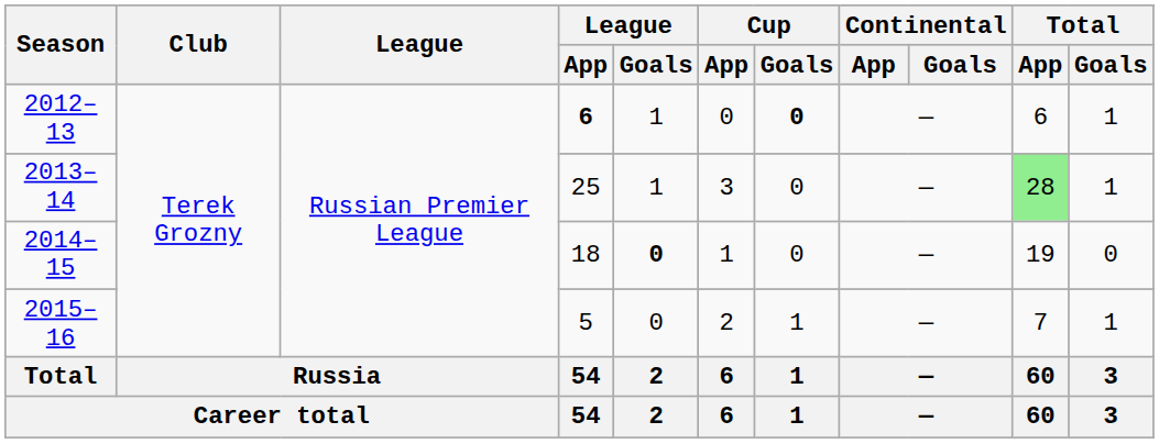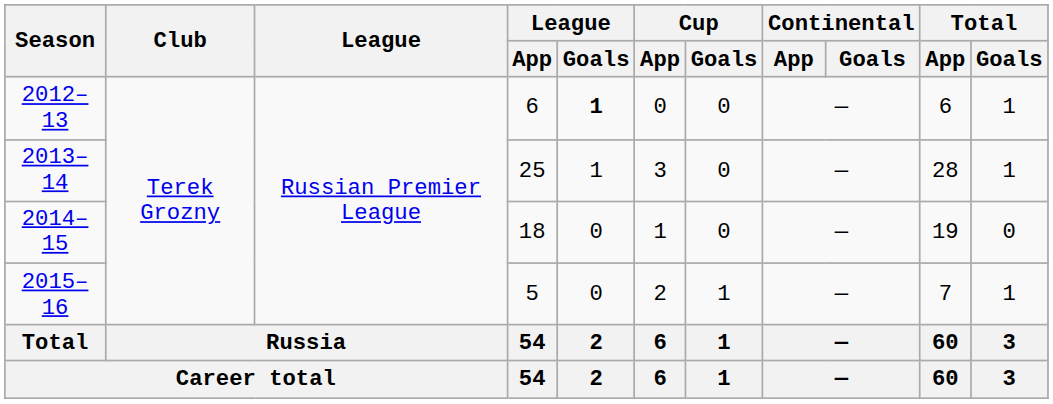 <table class="wikitable">
 <tr>
 <th rowspan=2>Season</th>
 <th ! rowspan=2>Club</th>
 <th ! rowspan=2>League</th>
 <th ! colspan=2>League</th>
 <th ! colspan=2>Cup</th>
 <th ! colspan=2>Continental</th>
 <th colspan=3>Total</th>
 </tr>
 <tr>
 <th>App</th>
 <th>Goals</th>
 <th>App</th>
 <th>Goals</th>
 <th>App</th>
 <th>Goals</th>
 <th>App</th>
 <th>Goals</th>
 </tr>
 <tr align=center>
 <td><a href='#'>2012–13</a></td>
 <td rowspan="4"><a href='#'>Terek Grozny</a></td>
 <td rowspan="4"><a href='#'>Russian Premier League</a></td>
-<td><strong>6</strong></td>
-<td>1</td>
+<td>6</td>
+<td><strong>1</strong></td>
 <td>0</td>
-<td><strong>0</strong></td>
+<td>0</td>
 <td colspan="2">—</td>
 <td>6</td>
 <td>1</td>
 </tr>
 <tr align=center>
 <td><a href='#'>2013–14</a></td>
 <td>25</td>
 <td>1</td>
 <td>3</td>
 <td>0</td>
 <td colspan="2">—</td>
-<td style="background: lightgreen;">28</td>
+<td>28</td>
 <td>1</td>
 </tr>
 <tr align=center>
 <td><a href='#'>2014–15</a></td>
 <td>18</td>
-<td><strong>0</strong></td>
+<td>0</td>
 <td>1</td>
 <td>0</td>
 <td colspan="2">—</td>
 <td>19</td>
 <td>0</td>
 </tr>
 <tr align=center>
 <td><a href='#'>2015–16</a></td>
 <td>5</td>
 <td>0</td>
 <td>2</td>
 <td>1</td>
 <td colspan="2">—</td>
 <td>7</td>
 <td>1</td>
 </tr>
 <tr>
 <th rowspan=1>Total</th>
 <th colspan=2>Russia</th>
 <th>54</th>
 <th>2</th>
 <th>6</th>
 <th>1</th>
 <th colspan="2">—</th>
 <th>60</th>
 <th>3</th>
 </tr>
 <tr>
 <th colspan=3>Career total</th>
 <th>54</th>
 <th>2</th>
 <th>6</th>
 <th>1</th>
 <th colspan="2">—</th>
 <th>60</th>
 <th>3</th>
 </tr>
 </table>
